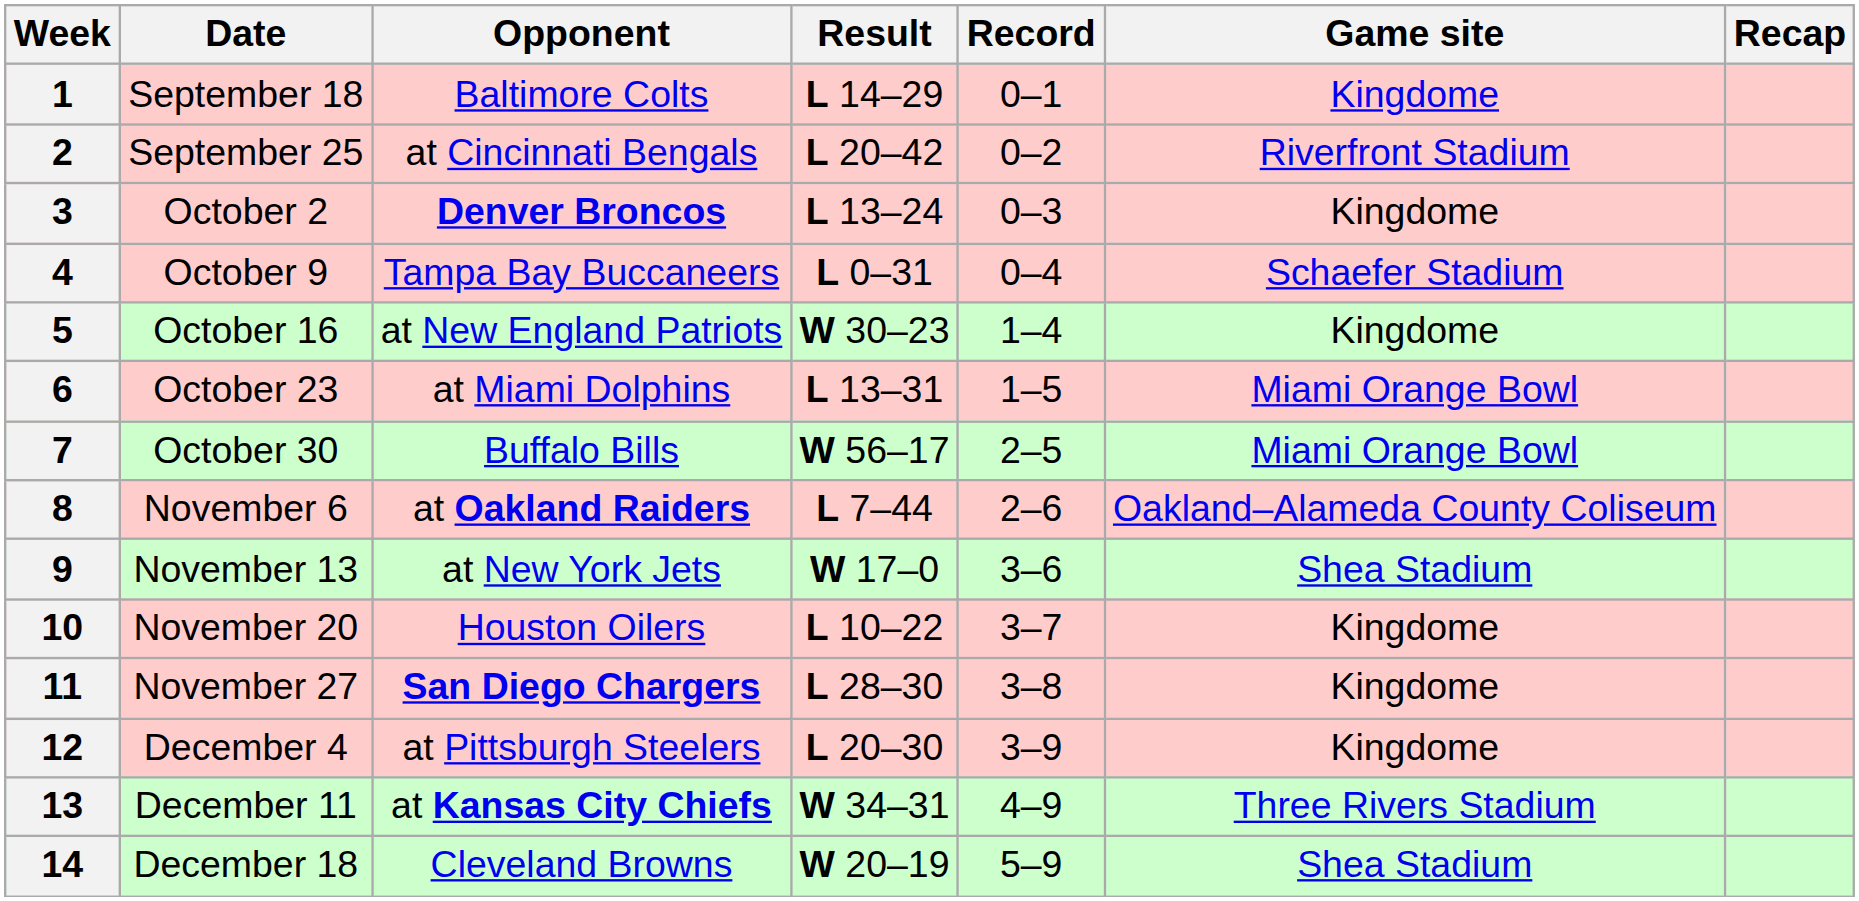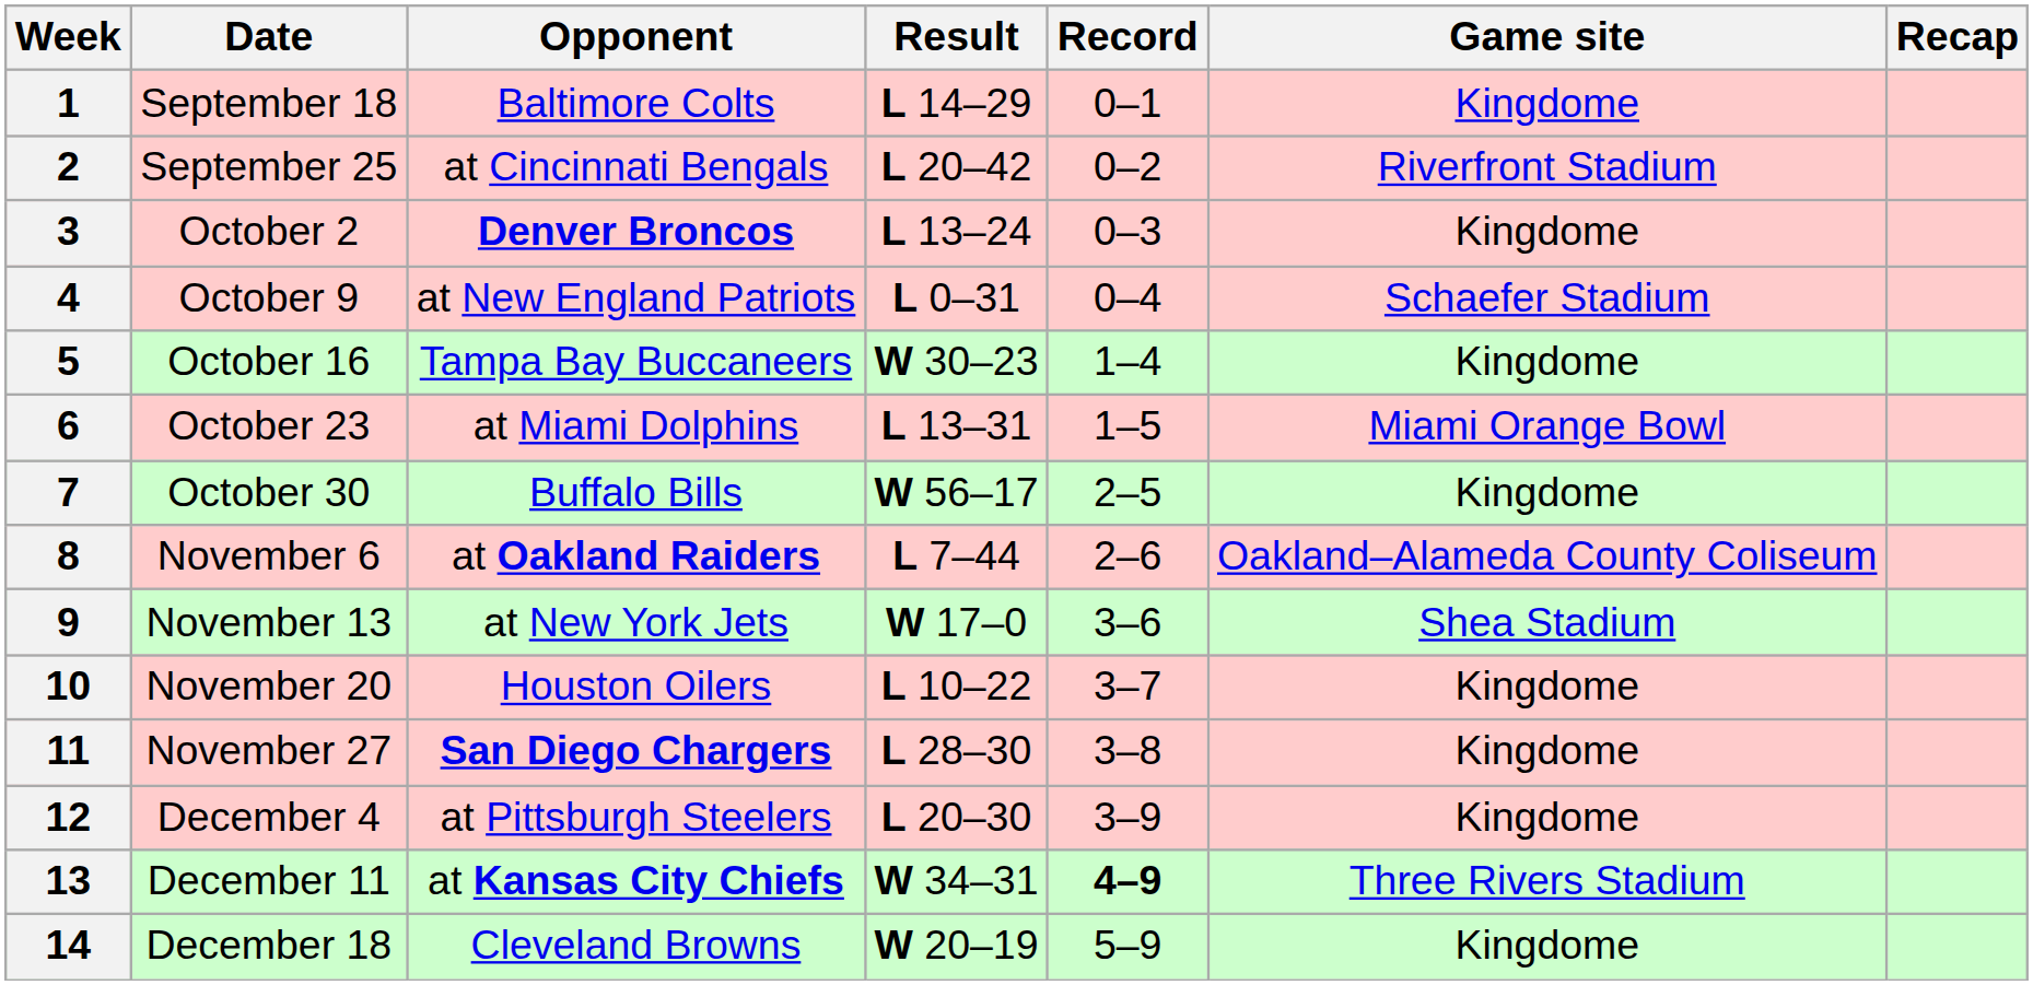 <table class="wikitable" style="text-align:center">
 <tr>
 <th>Week</th>
 <th>Date</th>
 <th>Opponent</th>
 <th>Result</th>
 <th>Record</th>
 <th>Game site</th>
 <th>Recap</th>
 </tr>
 <tr style="background:#fcc">
 <th>1</th>
 <td>September 18</td>
 <td><a href='#'>Baltimore Colts</a></td>
 <td><strong>L</strong> 14–29</td>
 <td>0–1</td>
 <td><a href='#'>Kingdome</a></td>
 <td></td>
 </tr>
 <tr style="background:#fcc">
 <th>2</th>
 <td>September 25</td>
 <td>at <a href='#'>Cincinnati Bengals</a></td>
 <td><strong>L</strong> 20–42</td>
 <td>0–2</td>
 <td><a href='#'>Riverfront Stadium</a></td>
 <td></td>
 </tr>
 <tr style="background:#fcc">
 <th>3</th>
 <td>October 2</td>
 <td><strong><a href='#'>Denver Broncos</a></strong></td>
 <td><strong>L</strong> 13–24</td>
 <td>0–3</td>
 <td>Kingdome</td>
 <td></td>
 </tr>
 <tr style="background:#fcc">
 <th>4</th>
 <td>October 9</td>
-<td><a href='#'>Tampa Bay Buccaneers</a></td>
+<td>at <a href='#'>New England Patriots</a></td>
 <td><strong>L</strong> 0–31</td>
 <td>0–4</td>
 <td><a href='#'>Schaefer Stadium</a></td>
 <td></td>
 </tr>
 <tr style="background:#cfc">
 <th>5</th>
 <td>October 16</td>
-<td>at <a href='#'>New England Patriots</a></td>
+<td><a href='#'>Tampa Bay Buccaneers</a></td>
 <td><strong>W</strong> 30–23</td>
 <td>1–4</td>
 <td>Kingdome</td>
 <td></td>
 </tr>
 <tr style="background:#fcc">
 <th>6</th>
 <td>October 23</td>
 <td>at <a href='#'>Miami Dolphins</a></td>
 <td><strong>L</strong> 13–31</td>
 <td>1–5</td>
 <td><a href='#'>Miami Orange Bowl</a></td>
 <td></td>
 </tr>
 <tr style="background:#cfc">
 <th>7</th>
 <td>October 30</td>
 <td><a href='#'>Buffalo Bills</a></td>
 <td><strong>W</strong> 56–17</td>
 <td>2–5</td>
-<td><a href='#'>Miami Orange Bowl</a></td>
+<td>Kingdome</td>
 <td></td>
 </tr>
 <tr style="background:#fcc">
 <th>8</th>
 <td>November 6</td>
 <td>at <strong><a href='#'>Oakland Raiders</a></strong></td>
 <td><strong>L</strong> 7–44</td>
 <td>2–6</td>
 <td><a href='#'>Oakland–Alameda County Coliseum</a></td>
 <td></td>
 </tr>
 <tr style="background:#cfc">
 <th>9</th>
 <td>November 13</td>
 <td>at <a href='#'>New York Jets</a></td>
 <td><strong>W</strong> 17–0</td>
 <td>3–6</td>
 <td><a href='#'>Shea Stadium</a></td>
 <td></td>
 </tr>
 <tr style="background:#fcc">
 <th>10</th>
 <td>November 20</td>
 <td><a href='#'>Houston Oilers</a></td>
 <td><strong>L</strong> 10–22</td>
 <td>3–7</td>
 <td>Kingdome</td>
 <td></td>
 </tr>
 <tr style="background:#fcc">
 <th>11</th>
 <td>November 27</td>
 <td><strong><a href='#'>San Diego Chargers</a></strong></td>
 <td><strong>L</strong> 28–30</td>
 <td>3–8</td>
 <td>Kingdome</td>
 <td></td>
 </tr>
 <tr style="background:#fcc">
 <th>12</th>
 <td>December 4</td>
 <td>at <a href='#'>Pittsburgh Steelers</a></td>
 <td><strong>L</strong> 20–30</td>
 <td>3–9</td>
 <td>Kingdome</td>
 <td></td>
 </tr>
 <tr style="background:#cfc">
 <th>13</th>
 <td>December 11</td>
 <td>at <strong><a href='#'>Kansas City Chiefs</a></strong></td>
 <td><strong>W</strong> 34–31</td>
-<td>4–9</td>
+<td><strong>4–9</strong></td>
 <td><a href='#'>Three Rivers Stadium</a></td>
 <td></td>
 </tr>
 <tr style="background:#cfc">
 <th>14</th>
 <td>December 18</td>
 <td><a href='#'>Cleveland Browns</a></td>
 <td><strong>W</strong> 20–19</td>
 <td>5–9</td>
-<td><a href='#'>Shea Stadium</a></td>
+<td>Kingdome</td>
 <td></td>
 </tr>
 </table>
